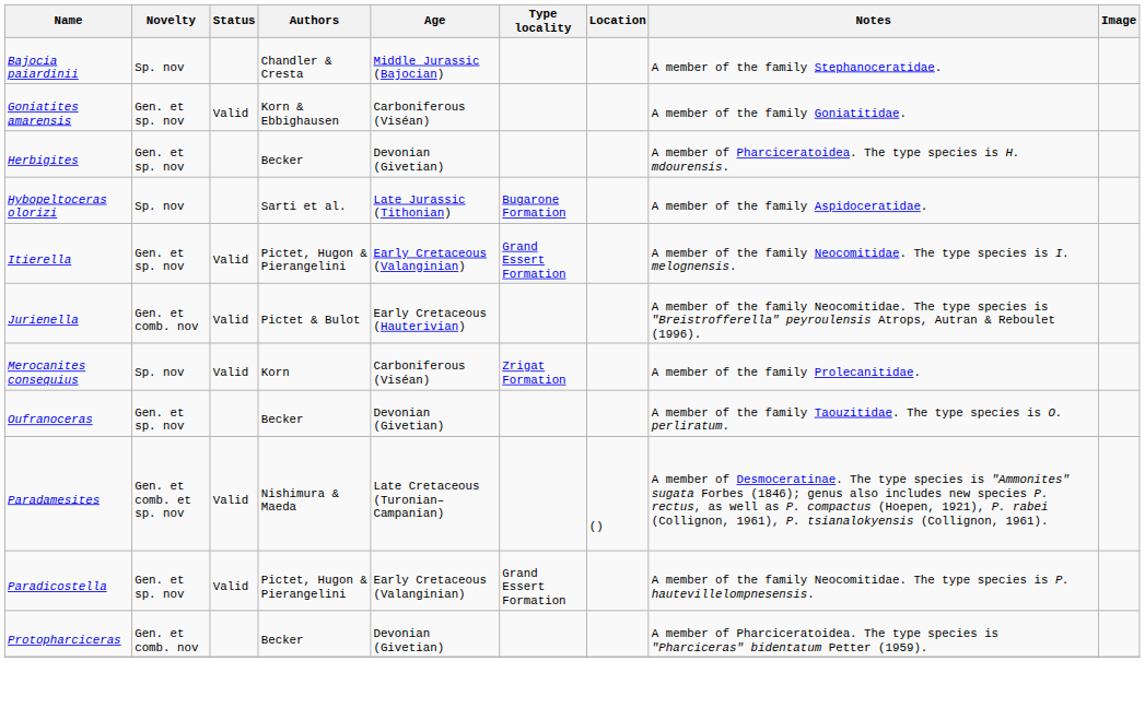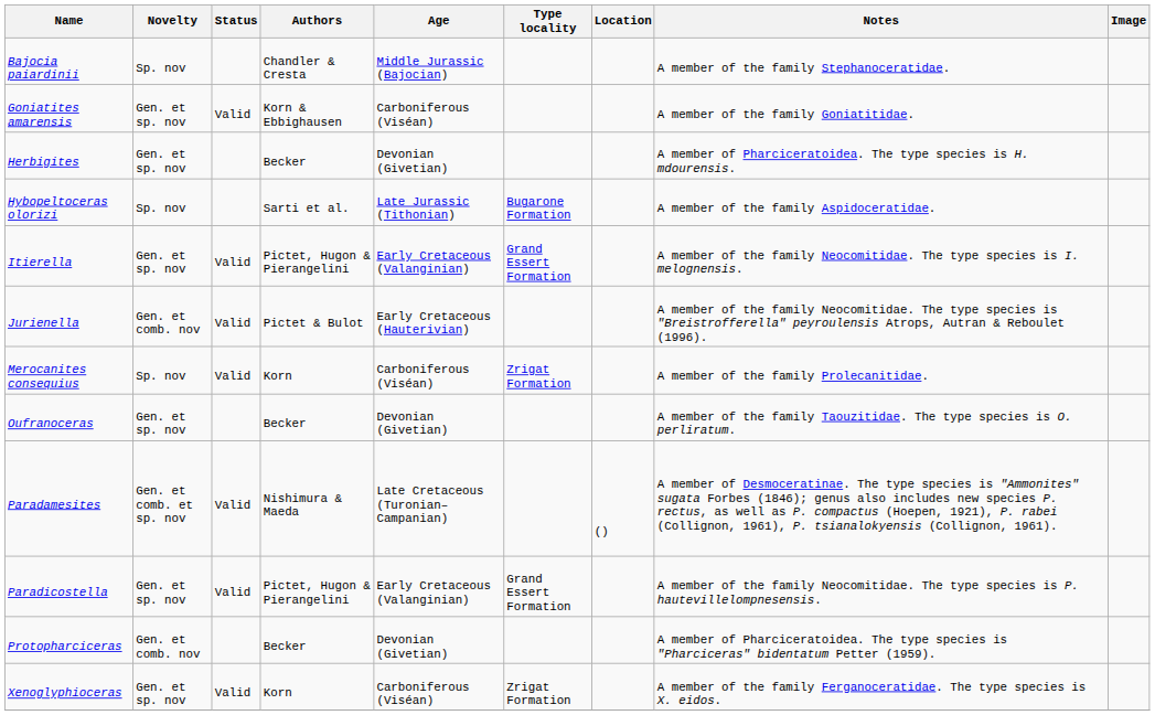 <table class="wikitable sortable" align="center">
 <tr>
 <th>Name</th>
 <th>Novelty</th>
 <th>Status</th>
 <th>Authors</th>
 <th>Age</th>
 <th>Type locality</th>
 <th>Location</th>
 <th class=unsortable>Notes</th>
 <th class=unsortable>Image</th>
 </tr>
 <tr>
 <td><br><em><a href='#'>Bajocia paiardinii</a></em></td>
 <td><br>Sp. nov</td>
 <td></td>
 <td><br>Chandler & Cresta</td>
 <td><br><a href='#'>Middle Jurassic</a> (<a href='#'>Bajocian</a>)</td>
 <td></td>
 <td><br></td>
 <td><br>A member of the family <a href='#'>Stephanoceratidae</a>.</td>
 <td></td>
 </tr>
 <tr>
 <td><br><em><a href='#'>Goniatites amarensis</a></em></td>
 <td><br>Gen. et sp. nov</td>
 <td><br>Valid</td>
 <td><br>Korn & Ebbighausen</td>
 <td><br>Carboniferous (Viséan)</td>
 <td></td>
 <td><br></td>
 <td><br>A member of the family <a href='#'>Goniatitidae</a>.</td>
 <td></td>
 </tr>
 <tr>
 <td><br><em><a href='#'>Herbigites</a></em></td>
 <td><br>Gen. et sp. nov</td>
 <td></td>
 <td><br>Becker</td>
 <td><br>Devonian (Givetian)</td>
 <td></td>
 <td><br></td>
 <td><br>A member of <a href='#'>Pharciceratoidea</a>. The type species is <em>H. mdourensis</em>.</td>
 <td></td>
 </tr>
 <tr>
 <td><br><em><a href='#'>Hybopeltoceras olorizi</a></em></td>
 <td><br>Sp. nov</td>
 <td></td>
 <td><br>Sarti et al.</td>
 <td><br><a href='#'>Late Jurassic</a> (<a href='#'>Tithonian</a>)</td>
 <td><br><a href='#'>Bugarone Formation</a></td>
 <td><br></td>
 <td><br>A member of the family <a href='#'>Aspidoceratidae</a>.</td>
 <td></td>
 </tr>
 <tr>
 <td><br><em><a href='#'>Itierella</a></em></td>
 <td><br>Gen. et sp. nov</td>
 <td><br>Valid</td>
 <td><br>Pictet, Hugon & Pierangelini</td>
 <td><br><a href='#'>Early Cretaceous</a> (<a href='#'>Valanginian</a>)</td>
 <td><br><a href='#'>Grand Essert Formation</a></td>
 <td><br></td>
 <td><br>A member of the family <a href='#'>Neocomitidae</a>. The type species is <em>I. melognensis</em>.</td>
 <td></td>
 </tr>
 <tr>
 <td><br><em><a href='#'>Jurienella</a></em></td>
 <td><br>Gen. et comb. nov</td>
 <td><br>Valid</td>
 <td><br>Pictet & Bulot</td>
 <td><br>Early Cretaceous (<a href='#'>Hauterivian</a>)</td>
 <td></td>
 <td><br><br> </td>
 <td><br>A member of the family Neocomitidae. The type species is <em>"Breistrofferella" peyroulensis</em> Atrops, Autran & Reboulet (1996).</td>
 <td></td>
 </tr>
 <tr>
 <td><br><em><a href='#'>Merocanites consequius</a></em></td>
 <td><br>Sp. nov</td>
 <td><br>Valid</td>
 <td><br>Korn</td>
 <td><br>Carboniferous (Viséan)</td>
 <td><br><a href='#'>Zrigat Formation</a></td>
 <td><br></td>
 <td><br>A member of the family <a href='#'>Prolecanitidae</a>.</td>
 <td></td>
 </tr>
 <tr>
 <td><br><em><a href='#'>Oufranoceras</a></em></td>
 <td><br>Gen. et sp. nov</td>
 <td></td>
 <td><br>Becker</td>
 <td><br>Devonian (Givetian)</td>
 <td></td>
 <td><br></td>
 <td><br>A member of the family <a href='#'>Taouzitidae</a>. The type species is <em>O. perliratum</em>.</td>
 <td></td>
 </tr>
 <tr>
 <td><br><em><a href='#'>Paradamesites</a></em></td>
 <td><br>Gen. et comb. et sp. nov</td>
 <td><br>Valid</td>
 <td><br>Nishimura & Maeda</td>
 <td><br>Late Cretaceous (Turonian–Campanian)</td>
 <td></td>
 <td><br><br> <br> <br> <br> <br>()<br> <br> </td>
 <td><br>A member of <a href='#'>Desmoceratinae</a>. The type species is <em>"Ammonites" sugata</em> Forbes (1846); genus also includes new species <em>P. rectus</em>, as well as <em>P. compactus</em> (Hoepen, 1921), <em>P. rabei</em> (Collignon, 1961), <em>P. tsianalokyensis</em> (Collignon, 1961).</td>
 <td></td>
 </tr>
 <tr>
 <td><br><em><a href='#'>Paradicostella</a></em></td>
 <td><br>Gen. et sp. nov</td>
 <td><br>Valid</td>
 <td><br>Pictet, Hugon & Pierangelini</td>
 <td><br>Early Cretaceous (Valanginian)</td>
 <td><br>Grand Essert Formation</td>
 <td><br></td>
 <td><br>A member of the family Neocomitidae. The type species is <em>P. hautevillelompnesensis</em>.</td>
 <td></td>
 </tr>
 <tr>
 <td><br><em><a href='#'>Protopharciceras</a></em></td>
 <td><br>Gen. et comb. nov</td>
 <td></td>
 <td><br>Becker</td>
 <td><br>Devonian (Givetian)</td>
 <td></td>
 <td><br></td>
 <td><br>A member of Pharciceratoidea. The type species is <em>"Pharciceras" bidentatum</em> Petter (1959).</td>
 <td></td>
 </tr>
 <tr>
+<td><br><em><a href='#'>Xenoglyphioceras</a></em></td>
+<td><br>Gen. et sp. nov</td>
+<td><br>Valid</td>
+<td><br>Korn</td>
+<td><br>Carboniferous (Viséan)</td>
+<td><br>Zrigat Formation</td>
+<td><br></td>
+<td><br>A member of the family <a href='#'>Ferganoceratidae</a>. The type species is <em>X. eidos</em>.</td>
+<td></td>
+</tr>
+<tr>
 </tr>
 </table>
